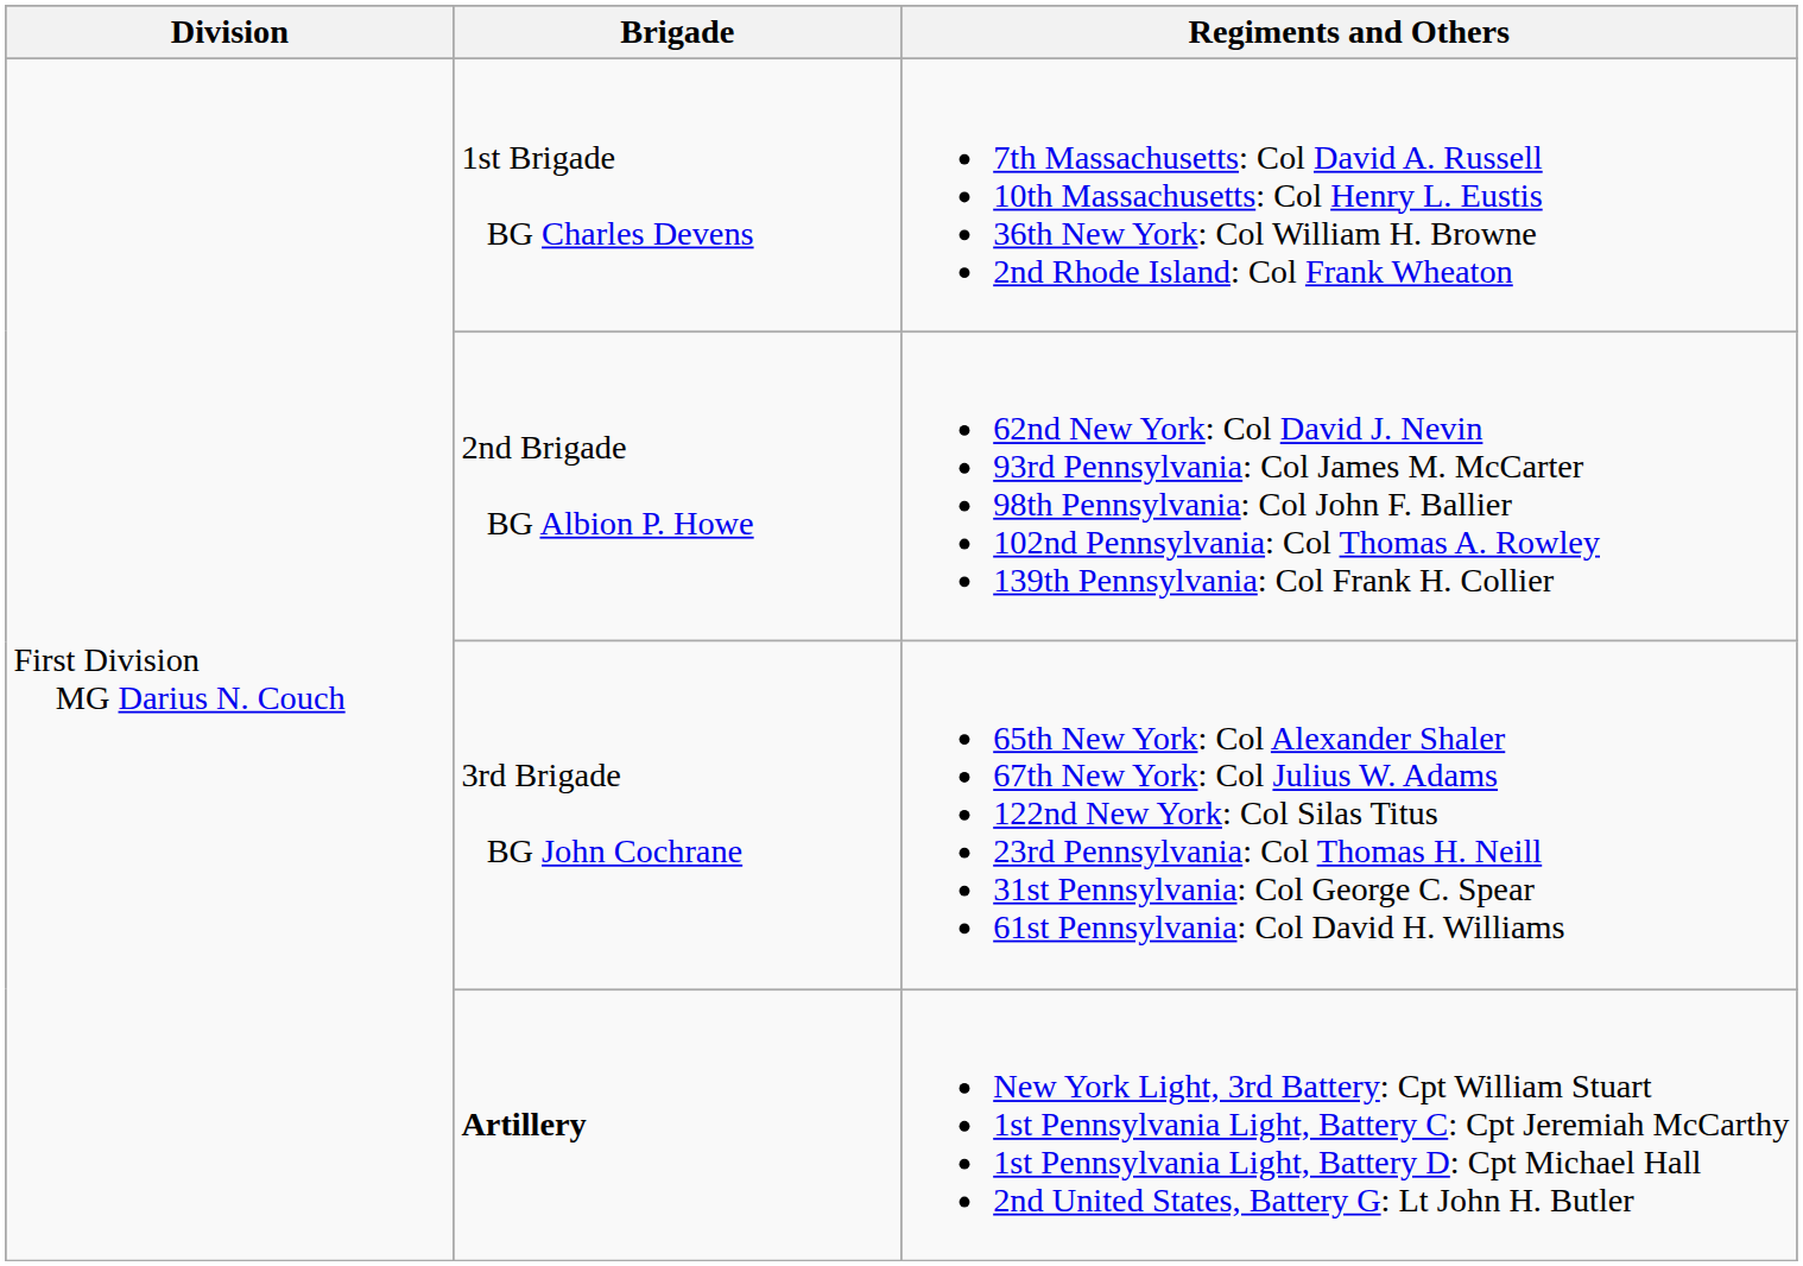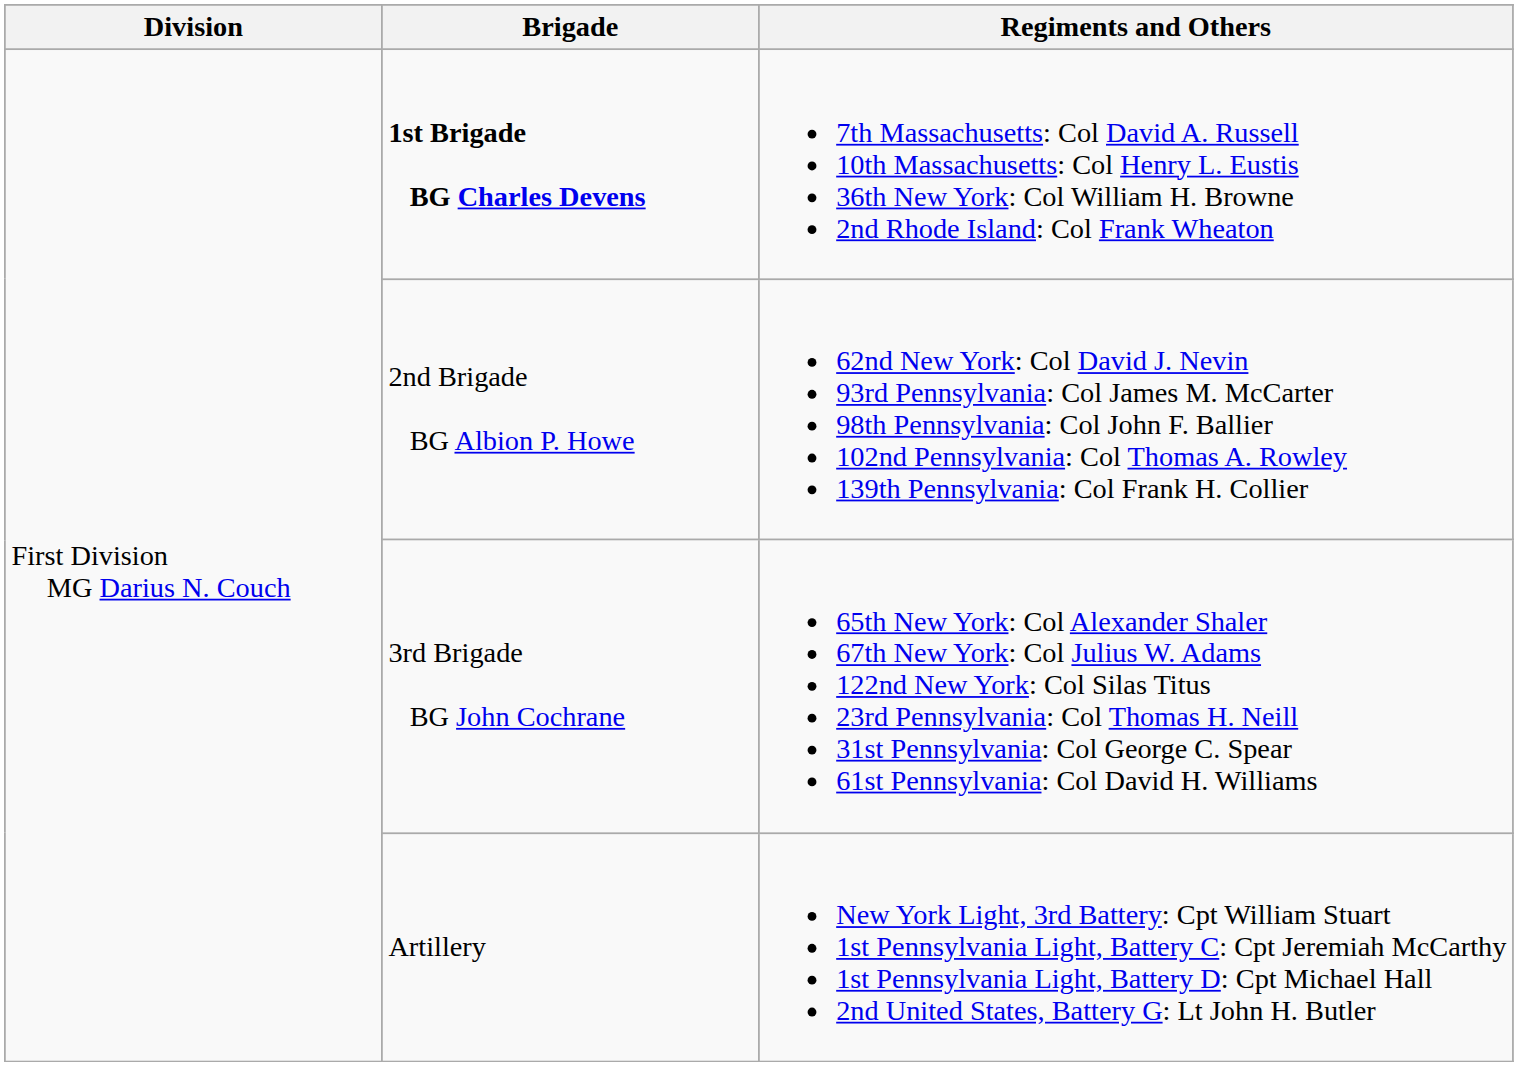 <table class="wikitable">
 <tr>
 <th width=25%>Division</th>
 <th width=25%>Brigade</th>
 <th>Regiments and Others</th>
 </tr>
 <tr>
 <td rowspan=4><br>First Division <br>     MG <a href='#'>Darius N. Couch</a></td>
-<td>1st Brigade<br><br>   BG <a href='#'>Charles Devens</a></td>
+<td><strong>1st Brigade<br><br>   BG <a href='#'>Charles Devens</a></strong></td>
 <td><br><ul><li><a href='#'>7th Massachusetts</a>: Col <a href='#'>David A. Russell</a></li><li><a href='#'>10th Massachusetts</a>: Col <a href='#'>Henry L. Eustis</a></li><li><a href='#'>36th New York</a>: Col William H. Browne</li><li><a href='#'>2nd Rhode Island</a>: Col <a href='#'>Frank Wheaton</a></li></ul></td>
 </tr>
 <tr>
 <td>2nd Brigade<br><br>   BG <a href='#'>Albion P. Howe</a></td>
 <td><br><ul><li><a href='#'>62nd New York</a>: Col <a href='#'>David J. Nevin</a></li><li><a href='#'>93rd Pennsylvania</a>: Col James M. McCarter</li><li><a href='#'>98th Pennsylvania</a>: Col John F. Ballier</li><li><a href='#'>102nd Pennsylvania</a>: Col <a href='#'>Thomas A. Rowley</a></li><li><a href='#'>139th Pennsylvania</a>: Col Frank H. Collier</li></ul></td>
 </tr>
 <tr>
 <td>3rd Brigade<br><br>   BG <a href='#'>John Cochrane</a></td>
 <td><br><ul><li><a href='#'>65th New York</a>: Col <a href='#'>Alexander Shaler</a></li><li><a href='#'>67th New York</a>: Col <a href='#'>Julius W. Adams</a></li><li><a href='#'>122nd New York</a>: Col Silas Titus</li><li><a href='#'>23rd Pennsylvania</a>: Col <a href='#'>Thomas H. Neill</a></li><li><a href='#'>31st Pennsylvania</a>: Col George C. Spear</li><li><a href='#'>61st Pennsylvania</a>: Col David H. Williams</li></ul></td>
 </tr>
 <tr>
-<td><strong>Artillery</strong></td>
+<td>Artillery</td>
 <td><br><ul><li><a href='#'>New York Light, 3rd Battery</a>: Cpt William Stuart</li><li><a href='#'>1st Pennsylvania Light, Battery C</a>: Cpt Jeremiah McCarthy</li><li><a href='#'>1st Pennsylvania Light, Battery D</a>: Cpt Michael Hall</li><li><a href='#'>2nd United States, Battery G</a>: Lt John H. Butler</li></ul></td>
 </tr>
 </table>
